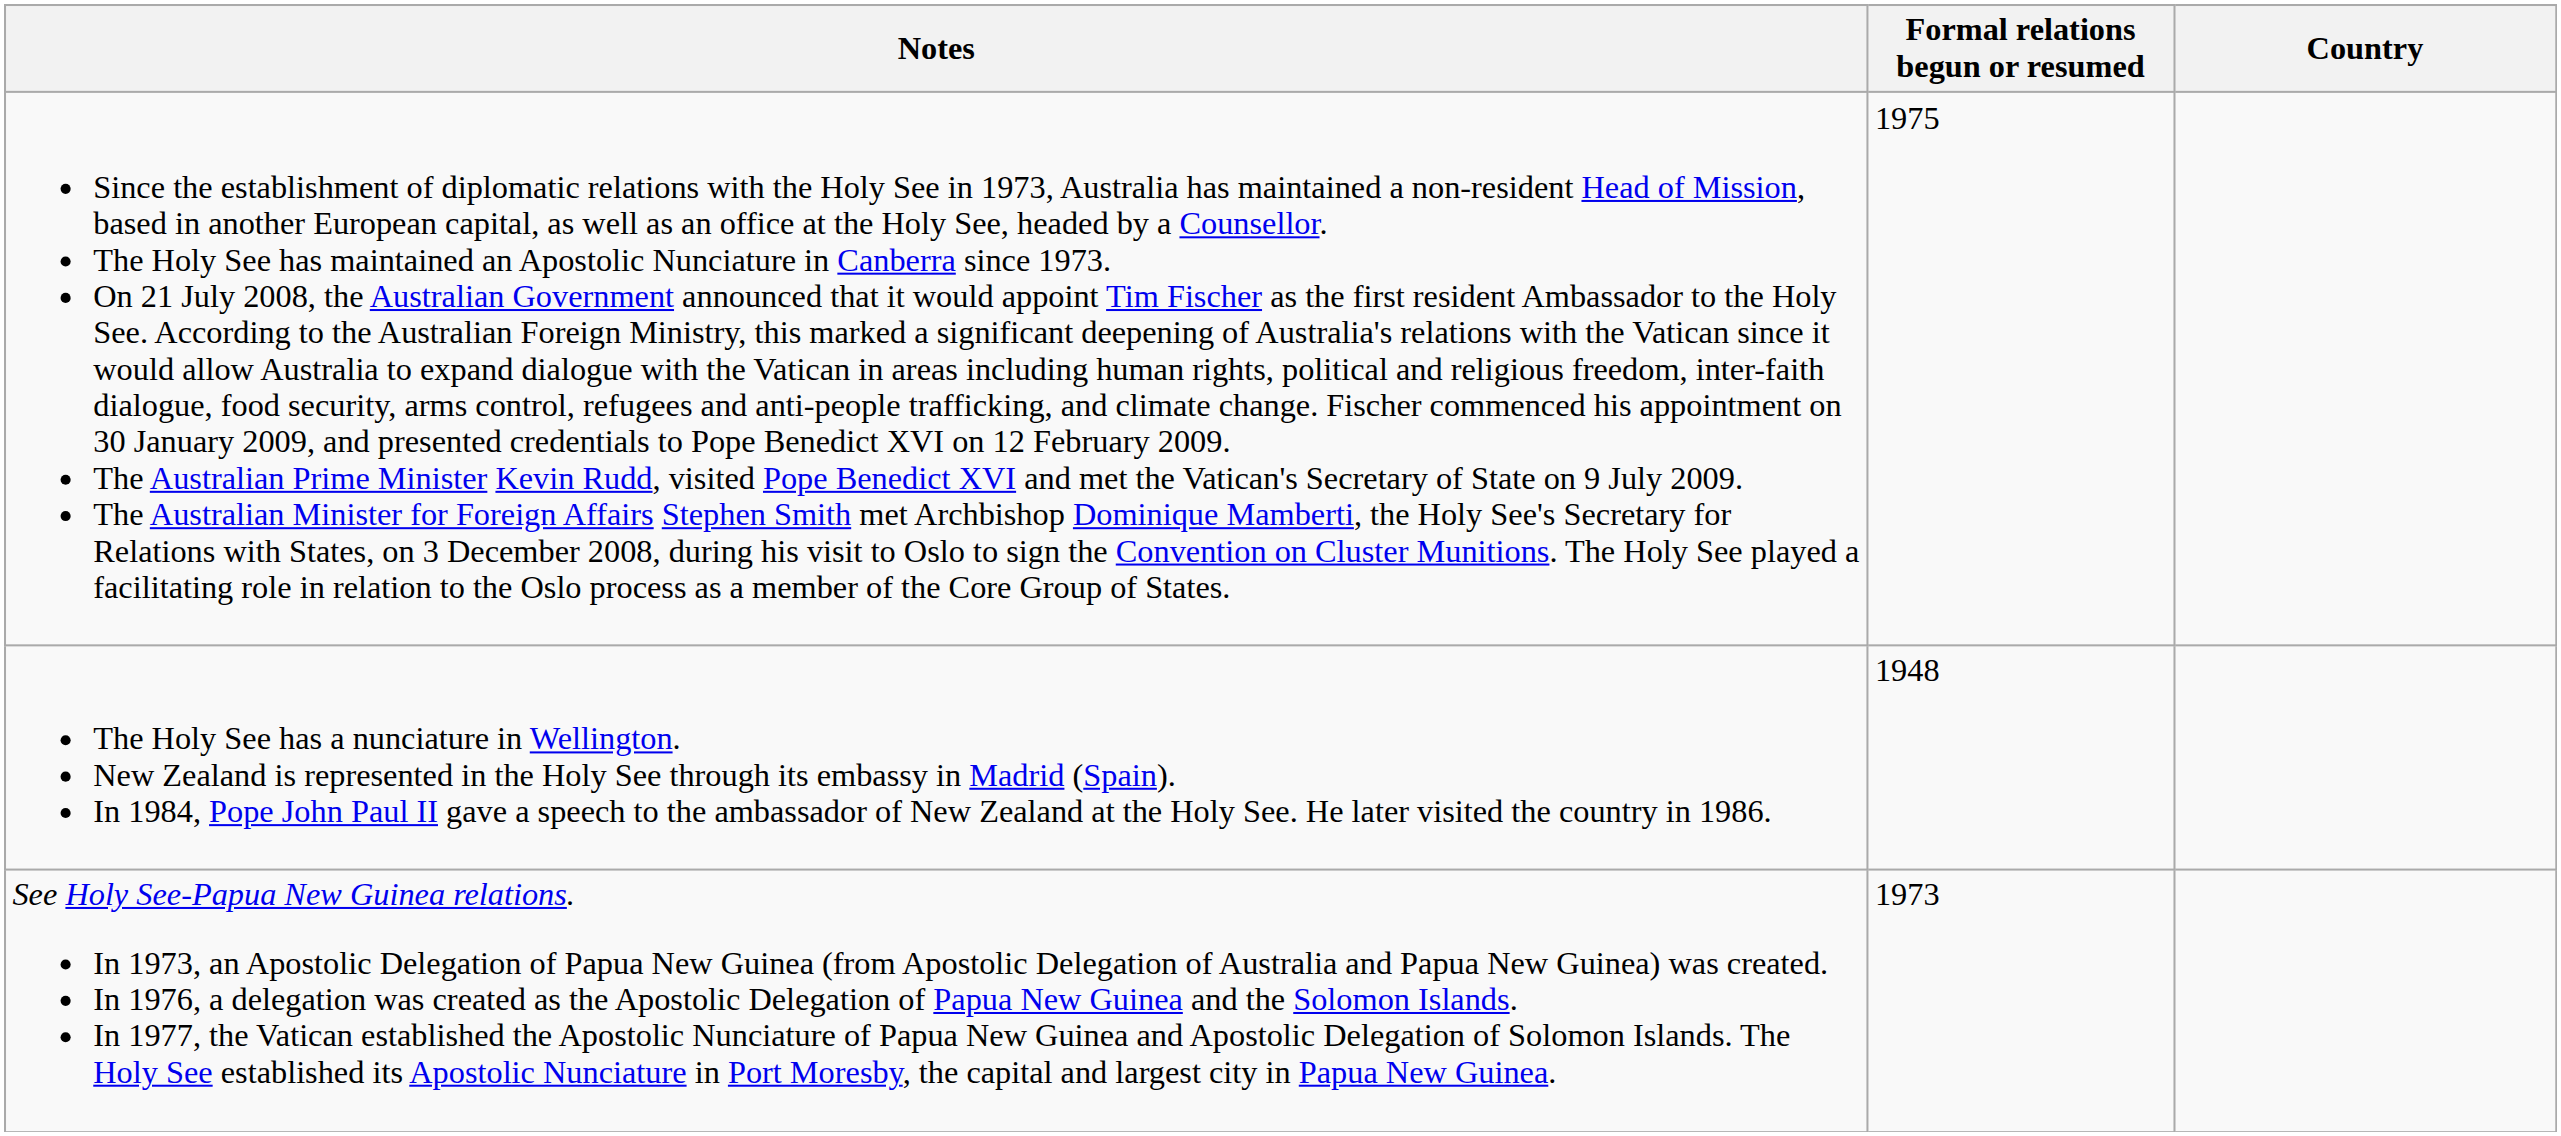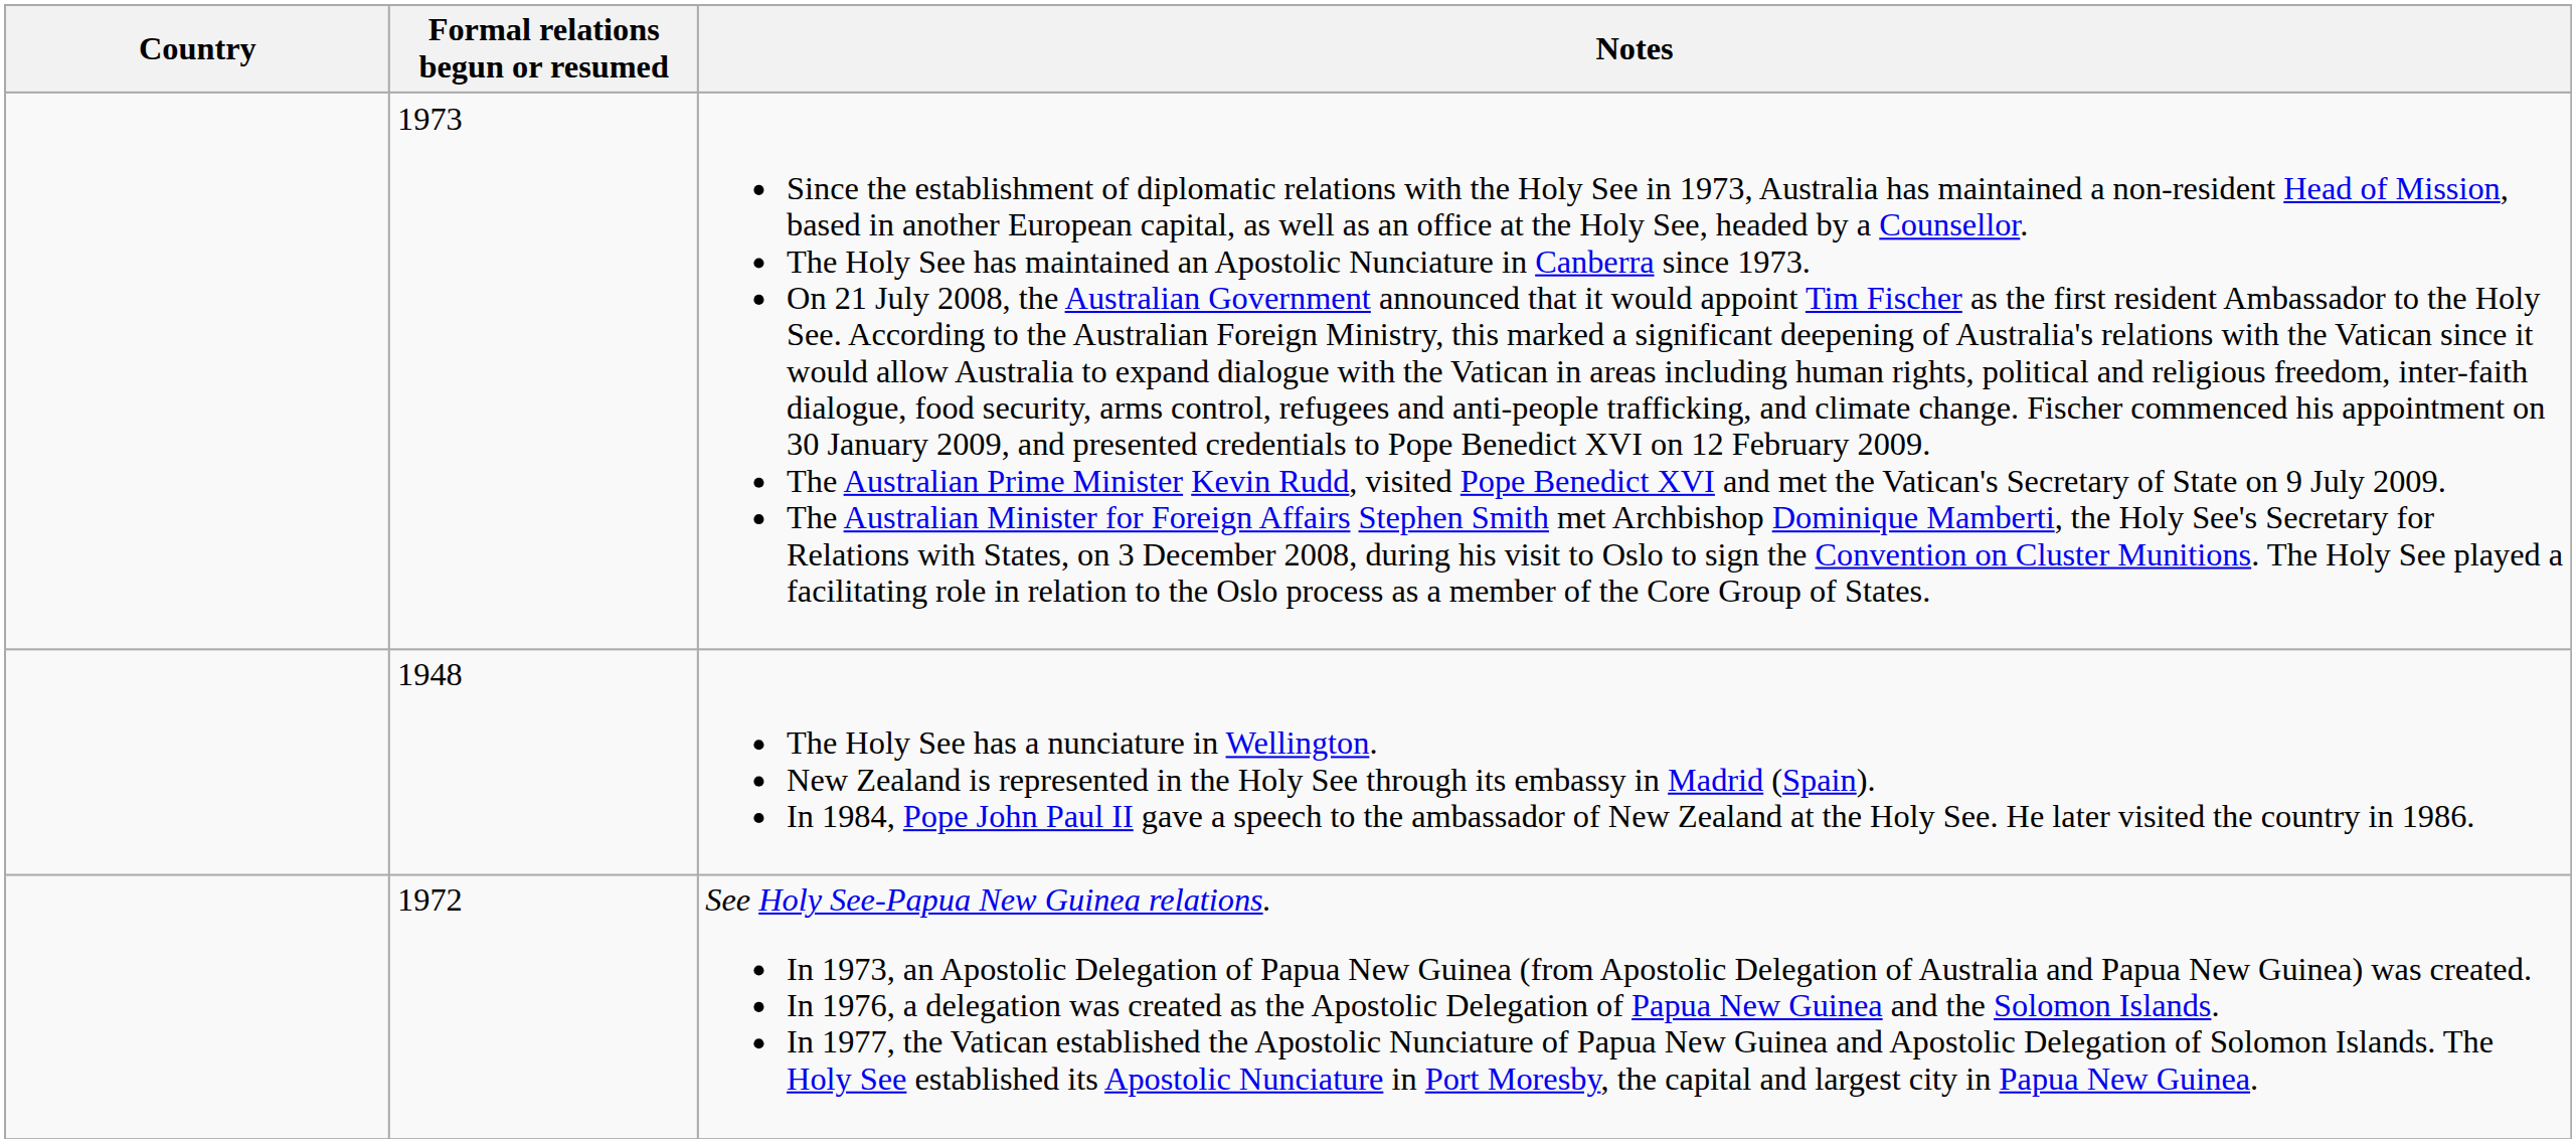 <table class="wikitable sortable" style="width:100%; margin:auto;">
 <tr>
+<th style="width:15%;">Country</th>
+<th style="width:12%;">Formal relations begun or resumed</th>
 <th>Notes</th>
-<th style="width:12%;">Formal relations begun or resumed</th>
-<th style="width:15%;">Country</th>
 </tr>
 <tr valign="top">
+<td></td>
+<td> 1973</td>
 <td><br><ul><li>Since the establishment of diplomatic relations with the Holy See in 1973, Australia has maintained a non-resident <a href='#'>Head of Mission</a>, based in another European capital, as well as an office at the Holy See, headed by a <a href='#'>Counsellor</a>.</li><li>The Holy See has maintained an Apostolic Nunciature in <a href='#'>Canberra</a> since 1973.</li><li>On 21 July 2008, the <a href='#'>Australian Government</a> announced that it would appoint <a href='#'>Tim Fischer</a> as the first resident Ambassador to the Holy See. According to the Australian Foreign Ministry, this marked a significant deepening of Australia's relations with the Vatican since it would allow Australia to expand dialogue with the Vatican in areas including human rights, political and religious freedom, inter-faith dialogue, food security, arms control, refugees and anti-people trafficking, and climate change. Fischer commenced his appointment on 30 January 2009, and presented credentials to Pope Benedict XVI on 12 February 2009.</li><li>The <a href='#'>Australian Prime Minister</a> <a href='#'>Kevin Rudd</a>, visited <a href='#'>Pope Benedict XVI</a> and met the Vatican's Secretary of State on 9 July 2009.</li><li>The <a href='#'>Australian Minister for Foreign Affairs</a> <a href='#'>Stephen Smith</a> met Archbishop <a href='#'>Dominique Mamberti</a>, the Holy See's Secretary for Relations with States, on 3 December 2008, during his visit to Oslo to sign the <a href='#'>Convention on Cluster Munitions</a>. The Holy See played a facilitating role in relation to the Oslo process as a member of the Core Group of States.</li></ul></td>
-<td> 1975</td>
-<td></td>
 </tr>
 <tr valign="top">
+<td></td>
+<td>1948</td>
 <td><br><ul><li>The Holy See has a nunciature in <a href='#'>Wellington</a>.</li><li>New Zealand is represented in the Holy See through its embassy in <a href='#'>Madrid</a> (<a href='#'>Spain</a>).</li><li>In 1984, <a href='#'>Pope John Paul II</a> gave a speech to the ambassador of New Zealand at the Holy See. He later visited the country in 1986.</li></ul></td>
-<td>1948</td>
-<td></td>
 </tr>
 <tr valign="top">
+<td></td>
+<td>1972</td>
 <td><em>See <a href='#'>Holy See-Papua New Guinea relations</a>.</em><br><ul><li>In 1973, an Apostolic Delegation of Papua New Guinea (from Apostolic Delegation of Australia and Papua New Guinea) was created.</li><li>In 1976, a delegation was created as the Apostolic Delegation of <a href='#'>Papua New Guinea</a> and the <a href='#'>Solomon Islands</a>.</li><li>In 1977, the Vatican established the Apostolic Nunciature of Papua New Guinea and Apostolic Delegation of Solomon Islands. The <a href='#'>Holy See</a> established its <a href='#'>Apostolic Nunciature</a> in <a href='#'>Port Moresby</a>, the capital and largest city in <a href='#'>Papua New Guinea</a>.</li></ul></td>
-<td>1973</td>
-<td></td>
 </tr>
 </table>
